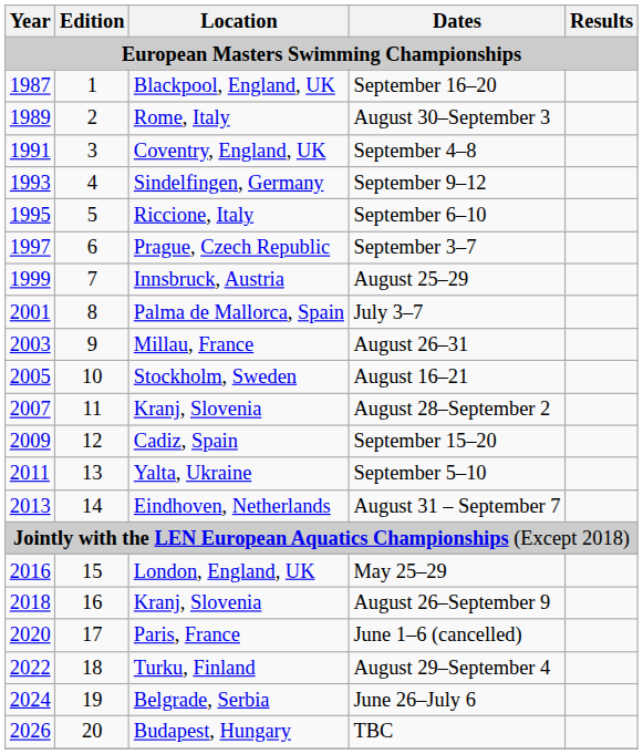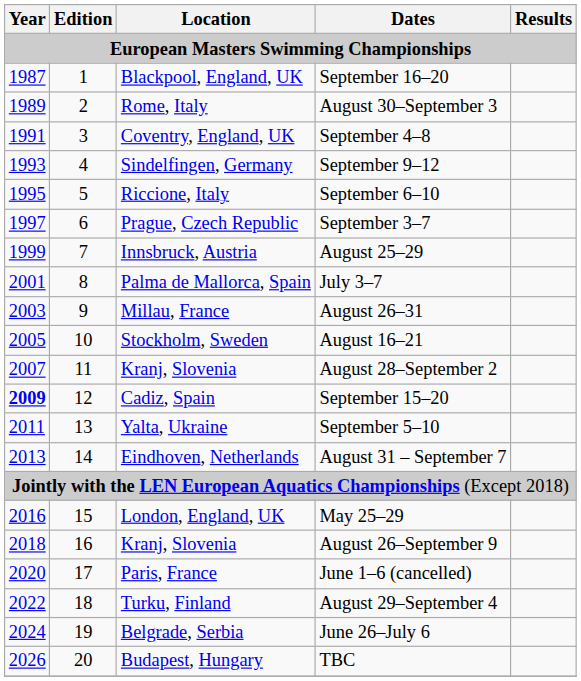 <table class="wikitable">
 <tr>
 <th>Year</th>
 <th>Edition</th>
 <th>Location</th>
 <th>Dates</th>
 <th>Results</th>
 </tr>
 <tr>
 <td colspan="5" bgcolor="#cccccc"align=center><strong>European Masters Swimming Championships</strong></td>
 </tr>
 <tr>
 <td><a href='#'>1987</a></td>
 <td align=center>1</td>
 <td> <a href='#'>Blackpool</a>, <a href='#'>England</a>, <a href='#'>UK</a></td>
 <td>September 16–20</td>
 <td></td>
 </tr>
 <tr>
 <td><a href='#'>1989</a></td>
 <td align=center>2</td>
 <td> <a href='#'>Rome</a>, <a href='#'>Italy</a></td>
 <td>August 30–September 3</td>
 <td></td>
 </tr>
 <tr>
 <td><a href='#'>1991</a></td>
 <td align=center>3</td>
 <td> <a href='#'>Coventry</a>, <a href='#'>England</a>, <a href='#'>UK</a></td>
 <td>September 4–8</td>
 <td></td>
 </tr>
 <tr>
 <td><a href='#'>1993</a></td>
 <td align=center>4</td>
 <td> <a href='#'>Sindelfingen</a>, <a href='#'>Germany</a></td>
 <td>September 9–12</td>
 <td></td>
 </tr>
 <tr>
 <td><a href='#'>1995</a></td>
 <td align=center>5</td>
 <td> <a href='#'>Riccione</a>, <a href='#'>Italy</a></td>
 <td>September 6–10</td>
 <td></td>
 </tr>
 <tr>
 <td><a href='#'>1997</a></td>
 <td align=center>6</td>
 <td> <a href='#'>Prague</a>, <a href='#'>Czech Republic</a></td>
 <td>September 3–7</td>
 <td></td>
 </tr>
 <tr>
 <td><a href='#'>1999</a></td>
 <td align=center>7</td>
 <td> <a href='#'>Innsbruck</a>, <a href='#'>Austria</a></td>
 <td>August 25–29</td>
 <td></td>
 </tr>
 <tr>
 <td><a href='#'>2001</a></td>
 <td align=center>8</td>
 <td> <a href='#'>Palma de Mallorca</a>, <a href='#'>Spain</a></td>
 <td>July 3–7</td>
 <td></td>
 </tr>
 <tr>
 <td><a href='#'>2003</a></td>
 <td align=center>9</td>
 <td> <a href='#'>Millau</a>, <a href='#'>France</a></td>
 <td>August 26–31</td>
 <td></td>
 </tr>
 <tr>
 <td><a href='#'>2005</a></td>
 <td align=center>10</td>
 <td> <a href='#'>Stockholm</a>, <a href='#'>Sweden</a></td>
 <td>August 16–21</td>
 <td></td>
 </tr>
 <tr>
 <td><a href='#'>2007</a></td>
 <td align=center>11</td>
 <td> <a href='#'>Kranj</a>, <a href='#'>Slovenia</a></td>
 <td>August 28–September 2</td>
 <td></td>
 </tr>
 <tr>
-<td><a href='#'>2009</a></td>
+<td><strong><a href='#'>2009</a></strong></td>
 <td align=center>12</td>
 <td> <a href='#'>Cadiz</a>, <a href='#'>Spain</a></td>
 <td>September 15–20</td>
 <td></td>
 </tr>
 <tr>
 <td><a href='#'>2011</a></td>
 <td align=center>13</td>
 <td> <a href='#'>Yalta</a>, <a href='#'>Ukraine</a></td>
 <td>September 5–10</td>
 <td></td>
 </tr>
 <tr>
 <td><a href='#'>2013</a></td>
 <td align=center>14</td>
 <td> <a href='#'>Eindhoven</a>, <a href='#'>Netherlands</a></td>
 <td>August 31 – September 7</td>
 <td></td>
 </tr>
 <tr>
 <td colspan="5" bgcolor="#cccccc"align=center><strong>Jointly with the <a href='#'>LEN European Aquatics Championships</a></strong> (Except 2018)</td>
 </tr>
 <tr>
 <td><a href='#'>2016</a></td>
 <td align=center>15</td>
 <td> <a href='#'>London</a>, <a href='#'>England</a>, <a href='#'>UK</a></td>
 <td>May 25–29</td>
 <td></td>
 </tr>
 <tr>
 <td><a href='#'>2018</a></td>
 <td align=center>16</td>
 <td> <a href='#'>Kranj</a>, <a href='#'>Slovenia</a></td>
 <td>August 26–September 9</td>
 <td></td>
 </tr>
 <tr>
 <td><a href='#'>2020</a></td>
 <td align=center>17</td>
 <td> <a href='#'>Paris</a>, <a href='#'>France</a></td>
 <td>June 1–6 (cancelled)</td>
 <td></td>
 </tr>
 <tr>
 <td><a href='#'>2022</a></td>
 <td align=center>18</td>
 <td> <a href='#'>Turku</a>,  <a href='#'>Finland</a></td>
 <td>August 29–September 4</td>
 <td></td>
 </tr>
 <tr>
 <td><a href='#'>2024</a></td>
 <td align=center>19</td>
 <td> <a href='#'>Belgrade</a>, <a href='#'>Serbia</a></td>
 <td>June 26–July 6</td>
 <td></td>
 </tr>
 <tr>
 <td><a href='#'>2026</a></td>
 <td align=center>20</td>
 <td> <a href='#'>Budapest</a>, <a href='#'>Hungary</a></td>
 <td>TBC</td>
 <td></td>
 </tr>
 <tr>
 </tr>
 </table>
